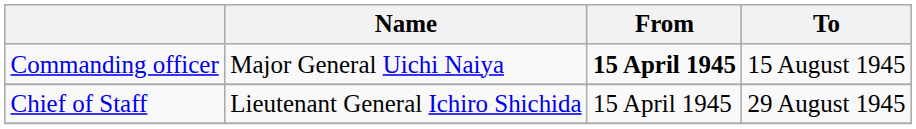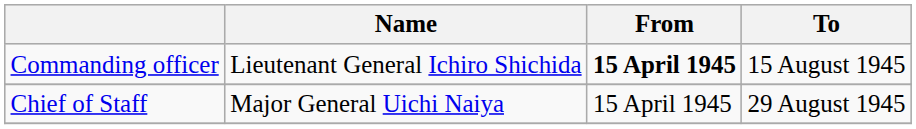 <table class=wikitable>
 <tr>
 <th></th>
 <th>Name</th>
 <th>From</th>
 <th>To</th>
 </tr>
 <tr>
 <td><a href='#'>Commanding officer</a></td>
-<td>Major General <a href='#'>Uichi Naiya</a></td>
+<td>Lieutenant General <a href='#'>Ichiro Shichida</a></td>
 <td><strong>15 April 1945</strong></td>
 <td>15 August 1945</td>
 </tr>
 <tr>
 </tr>
 <tr>
 <td><a href='#'>Chief of Staff</a></td>
-<td>Lieutenant General <a href='#'>Ichiro Shichida</a></td>
+<td>Major General <a href='#'>Uichi Naiya</a></td>
 <td>15 April 1945</td>
 <td>29 August 1945</td>
 </tr>
 <tr>
 </tr>
 </table>
